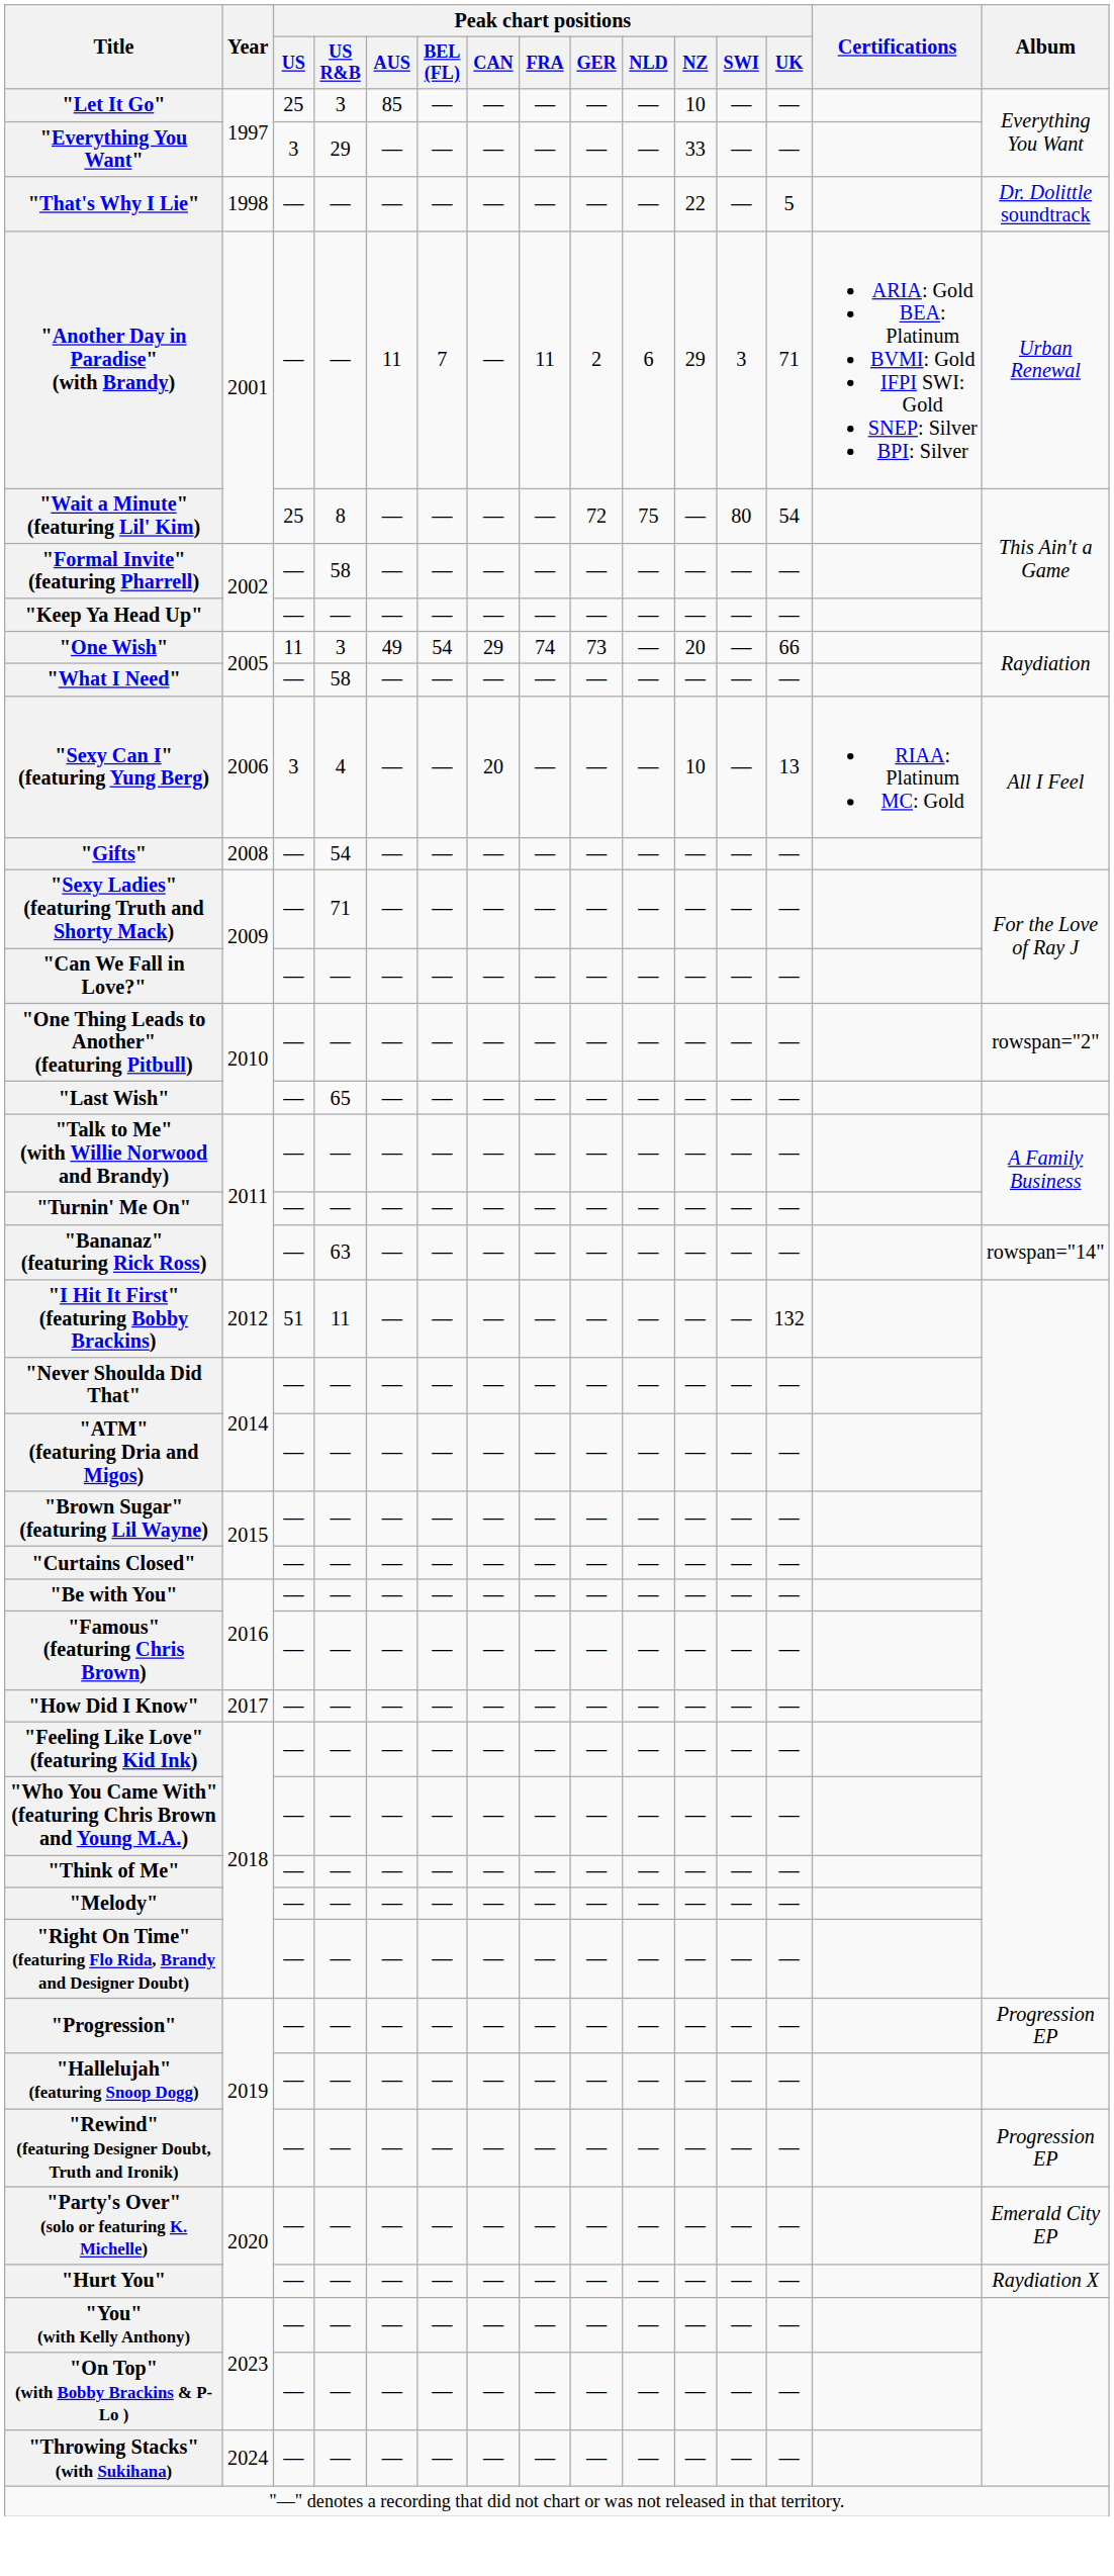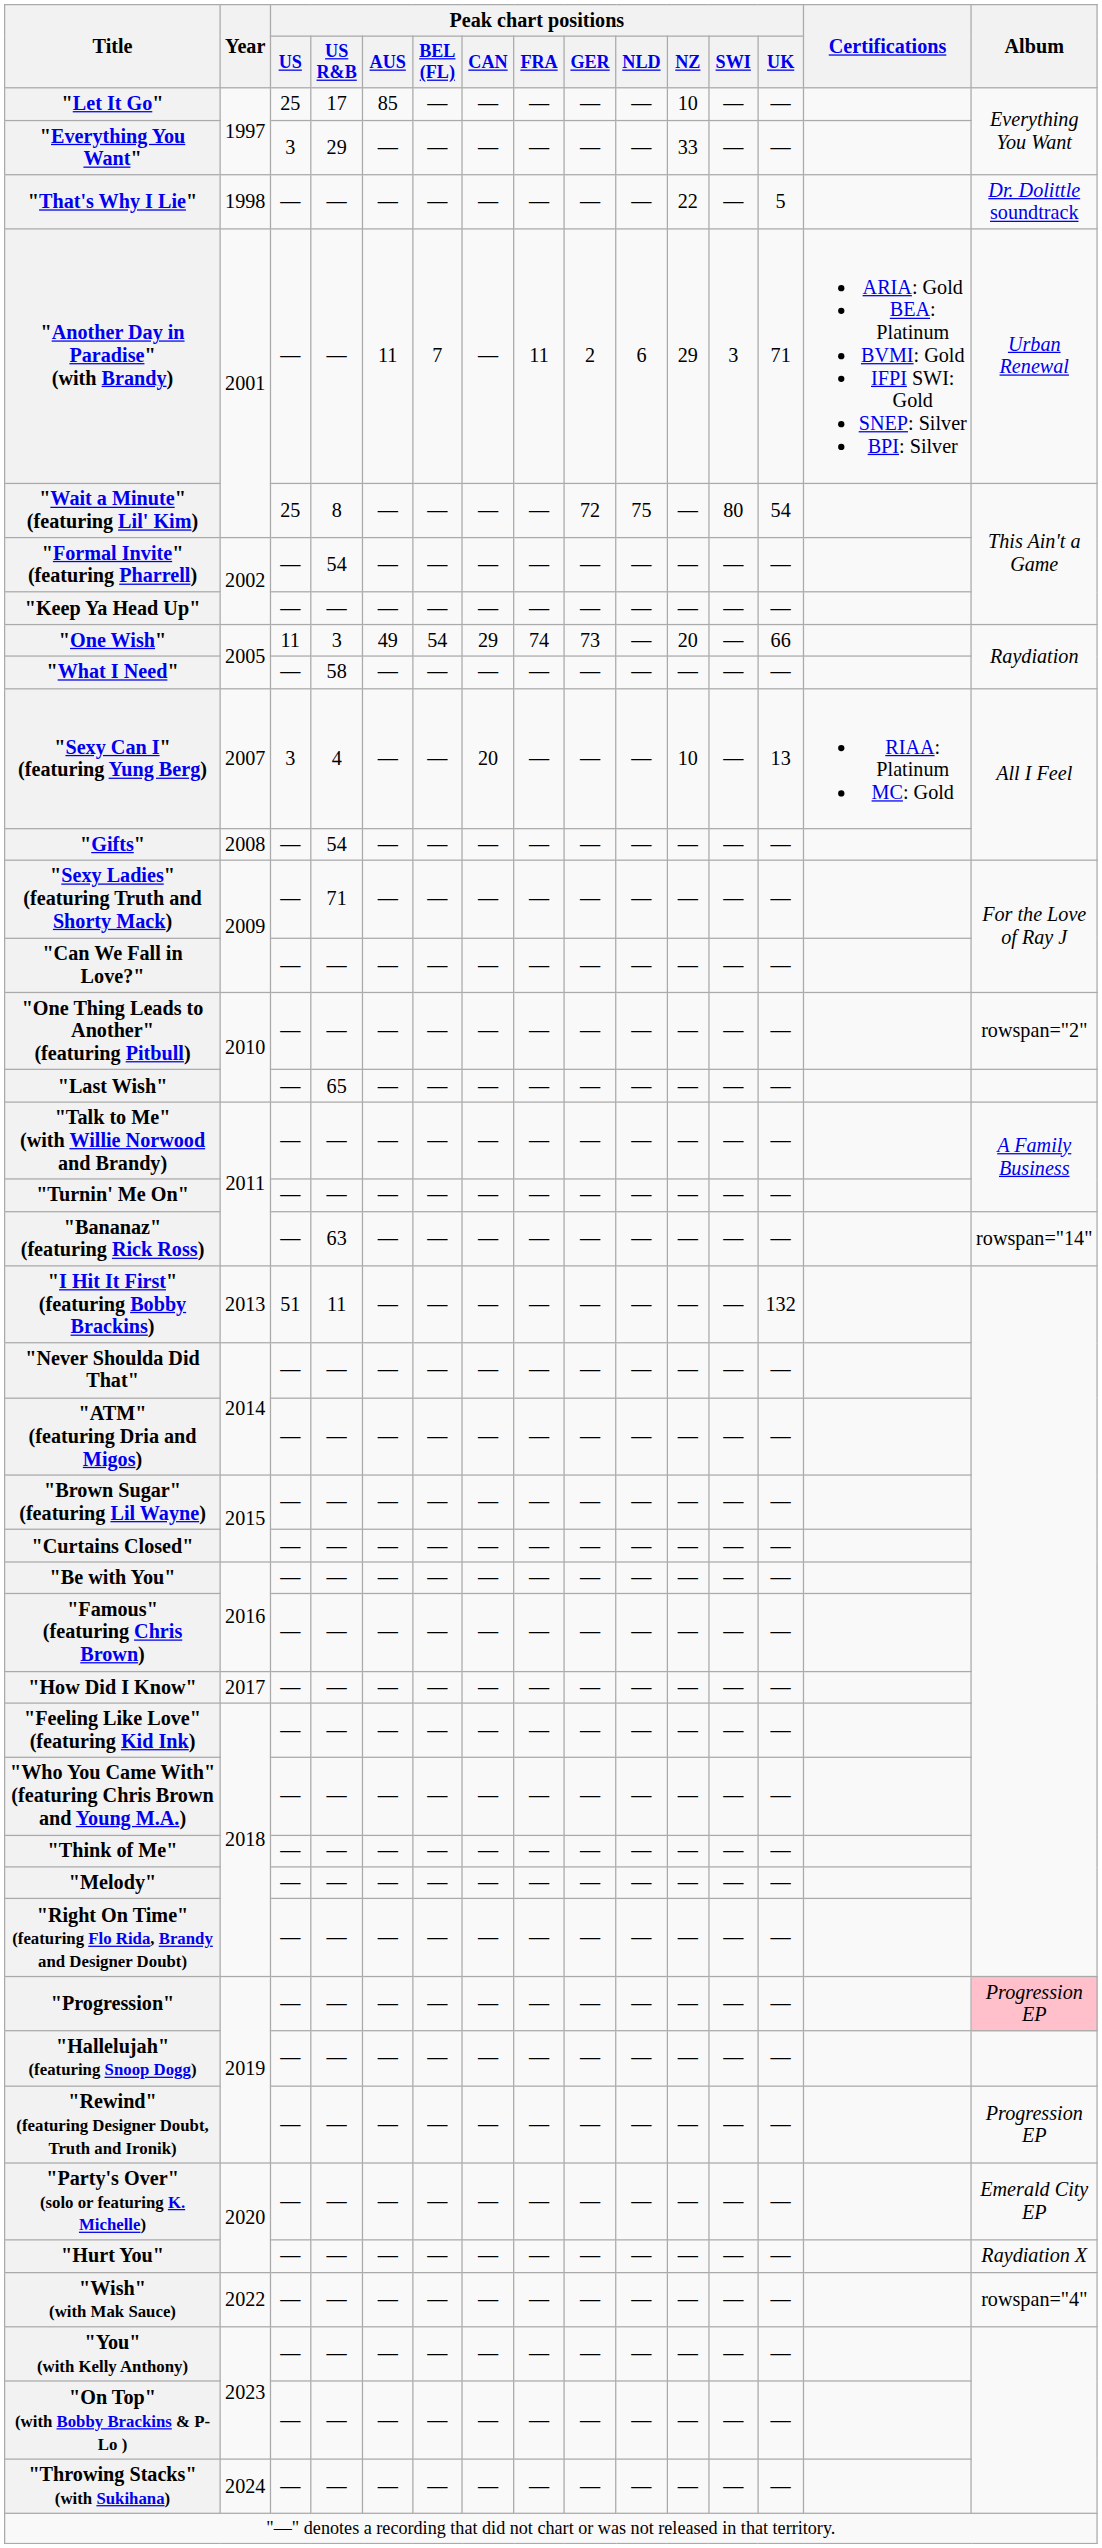 <table class="wikitable plainrowheaders" style="text-align:center;">
 <tr>
 <th scope="col" rowspan="2" style="width:20em;">Title</th>
 <th scope="col" rowspan="2">Year</th>
 <th scope="col" colspan="11">Peak chart positions</th>
 <th scope="col" rowspan="2" style="width:12em;"><a href='#'>Certifications</a></th>
 <th scope="col" rowspan="2">Album</th>
 </tr>
 <tr>
 <th scope="col" style="width:2.9em;font-size:90%;"><a href='#'>US</a><br></th>
 <th scope="col" style="width:2.9em;font-size:90%;"><a href='#'>US<br>R&B</a><br></th>
 <th scope="col" style="width:2.9em;font-size:90%;"><a href='#'>AUS</a><br></th>
 <th scope="col" style="width:2.9em;font-size:90%;"><a href='#'>BEL<br>(FL)</a><br></th>
 <th scope="col" style="width:2.9em;font-size:90%;"><a href='#'>CAN</a><br></th>
 <th scope="col" style="width:2.9em;font-size:90%;"><a href='#'>FRA</a><br></th>
 <th scope="col" style="width:2.9em;font-size:90%;"><a href='#'>GER</a><br></th>
 <th scope="col" style="width:2.9em;font-size:90%;"><a href='#'>NLD</a><br></th>
 <th scope="col" style="width:2.9em;font-size:90%;"><a href='#'>NZ</a><br></th>
 <th scope="col" style="width:2.9em;font-size:90%;"><a href='#'>SWI</a><br></th>
 <th scope="col" style="width:2.9em;font-size:90%;"><a href='#'>UK</a><br></th>
 </tr>
 <tr>
 <th scope="row">"<a href='#'>Let It Go</a>"</th>
 <td rowspan="2">1997</td>
 <td>25</td>
-<td>3</td>
+<td>17</td>
 <td>85</td>
 <td>—</td>
 <td>—</td>
 <td>—</td>
 <td>—</td>
 <td>—</td>
 <td>10</td>
 <td>—</td>
 <td>—</td>
 <td></td>
 <td rowspan="2"><em>Everything You Want</em></td>
 </tr>
 <tr>
 <th scope="row">"<a href='#'>Everything You Want</a>"</th>
 <td>3</td>
 <td>29</td>
 <td>—</td>
 <td>—</td>
 <td>—</td>
 <td>—</td>
 <td>—</td>
 <td>—</td>
 <td>33</td>
 <td>—</td>
 <td>—</td>
 <td></td>
 </tr>
 <tr>
 <th scope="row">"<a href='#'>That's Why I Lie</a>"</th>
 <td>1998</td>
 <td>—</td>
 <td>—</td>
 <td>—</td>
 <td>—</td>
 <td>—</td>
 <td>—</td>
 <td>—</td>
 <td>—</td>
 <td>22</td>
 <td>—</td>
 <td>5</td>
 <td></td>
 <td><a href='#'><em>Dr. Dolittle</em> soundtrack</a></td>
 </tr>
 <tr>
 <th scope="row">"<a href='#'>Another Day in Paradise</a>"<br><span>(with <a href='#'>Brandy</a>)</span></th>
 <td rowspan="2">2001</td>
 <td>—</td>
 <td>—</td>
 <td>11</td>
 <td>7</td>
 <td>—</td>
 <td>11</td>
 <td>2</td>
 <td>6</td>
 <td>29</td>
 <td>3</td>
 <td>71</td>
 <td><br><ul><li><a href='#'>ARIA</a>: Gold</li><li><a href='#'>BEA</a>: Platinum</li><li><a href='#'>BVMI</a>: Gold</li><li><a href='#'>IFPI</a> SWI: Gold</li><li><a href='#'>SNEP</a>: Silver</li><li><a href='#'>BPI</a>: Silver</li></ul></td>
 <td><em><a href='#'>Urban Renewal</a></em></td>
 </tr>
 <tr>
 <th scope="row">"<a href='#'>Wait a Minute</a>"<br><span>(featuring <a href='#'>Lil' Kim</a>)</span></th>
 <td>25</td>
 <td>8</td>
 <td>—</td>
 <td>—</td>
 <td>—</td>
 <td>—</td>
 <td>72</td>
 <td>75</td>
 <td>—</td>
 <td>80</td>
 <td>54</td>
 <td></td>
 <td rowspan="3"><em>This Ain't a Game</em></td>
 </tr>
 <tr>
 <th scope="row">"<a href='#'>Formal Invite</a>"<br><span>(featuring <a href='#'>Pharrell</a>)</span></th>
 <td rowspan="2">2002</td>
 <td>—</td>
-<td>58</td>
+<td>54</td>
 <td>—</td>
 <td>—</td>
 <td>—</td>
 <td>—</td>
 <td>—</td>
 <td>—</td>
 <td>—</td>
 <td>—</td>
 <td>—</td>
 <td></td>
 </tr>
 <tr>
 <th scope="row">"Keep Ya Head Up"</th>
 <td>—</td>
 <td>—</td>
 <td>—</td>
 <td>—</td>
 <td>—</td>
 <td>—</td>
 <td>—</td>
 <td>—</td>
 <td>—</td>
 <td>—</td>
 <td>—</td>
 <td></td>
 </tr>
 <tr>
 <th scope="row">"<a href='#'>One Wish</a>"</th>
 <td rowspan="2">2005</td>
 <td>11</td>
 <td>3</td>
 <td>49</td>
 <td>54</td>
 <td>29</td>
 <td>74</td>
 <td>73</td>
 <td>—</td>
 <td>20</td>
 <td>—</td>
 <td>66</td>
 <td></td>
 <td rowspan="2"><em>Raydiation</em></td>
 </tr>
 <tr>
 <th scope="row">"<a href='#'>What I Need</a>"</th>
 <td>—</td>
 <td>58</td>
 <td>—</td>
 <td>—</td>
 <td>—</td>
 <td>—</td>
 <td>—</td>
 <td>—</td>
 <td>—</td>
 <td>—</td>
 <td>—</td>
 <td></td>
 </tr>
 <tr>
 <th scope="row">"<a href='#'>Sexy Can I</a>"<br><span>(featuring <a href='#'>Yung Berg</a>)</span></th>
-<td>2006</td>
+<td>2007</td>
 <td>3</td>
 <td>4</td>
 <td>—</td>
 <td>—</td>
 <td>20</td>
 <td>—</td>
 <td>—</td>
 <td>—</td>
 <td>10</td>
 <td>—</td>
 <td>13</td>
 <td><br><ul><li><a href='#'>RIAA</a>: Platinum</li><li><a href='#'>MC</a>: Gold</li></ul></td>
 <td rowspan="2"><em>All I Feel</em></td>
 </tr>
 <tr>
 <th scope="row">"<a href='#'>Gifts</a>"</th>
 <td>2008</td>
 <td>—</td>
 <td>54</td>
 <td>—</td>
 <td>—</td>
 <td>—</td>
 <td>—</td>
 <td>—</td>
 <td>—</td>
 <td>—</td>
 <td>—</td>
 <td>—</td>
 <td></td>
 </tr>
 <tr>
 <th scope="row">"<a href='#'>Sexy Ladies</a>"<br><span>(featuring Truth and <a href='#'>Shorty Mack</a>)</span></th>
 <td rowspan="2">2009</td>
 <td>—</td>
 <td>71</td>
 <td>—</td>
 <td>—</td>
 <td>—</td>
 <td>—</td>
 <td>—</td>
 <td>—</td>
 <td>—</td>
 <td>—</td>
 <td>—</td>
 <td></td>
 <td rowspan="2"><em>For the Love of Ray J</em></td>
 </tr>
 <tr>
 <th scope="row">"Can We Fall in Love?"</th>
 <td>—</td>
 <td>—</td>
 <td>—</td>
 <td>—</td>
 <td>—</td>
 <td>—</td>
 <td>—</td>
 <td>—</td>
 <td>—</td>
 <td>—</td>
 <td>—</td>
 <td></td>
 </tr>
 <tr>
 <th scope="row">"One Thing Leads to Another"<br><span>(featuring <a href='#'>Pitbull</a>)</span></th>
 <td rowspan="2">2010</td>
 <td>—</td>
 <td>—</td>
 <td>—</td>
 <td>—</td>
 <td>—</td>
 <td>—</td>
 <td>—</td>
 <td>—</td>
 <td>—</td>
 <td>—</td>
 <td>—</td>
 <td></td>
 <td>rowspan="2" </td>
 </tr>
 <tr>
 <th scope="row">"Last Wish"</th>
 <td>—</td>
 <td>65</td>
 <td>—</td>
 <td>—</td>
 <td>—</td>
 <td>—</td>
 <td>—</td>
 <td>—</td>
 <td>—</td>
 <td>—</td>
 <td>—</td>
 <td></td>
 </tr>
 <tr>
 <th scope="row">"Talk to Me"<br><span>(with <a href='#'>Willie Norwood</a> and Brandy)</span></th>
 <td rowspan="3">2011</td>
 <td>—</td>
 <td>—</td>
 <td>—</td>
 <td>—</td>
 <td>—</td>
 <td>—</td>
 <td>—</td>
 <td>—</td>
 <td>—</td>
 <td>—</td>
 <td>—</td>
 <td></td>
 <td rowspan="2"><em><a href='#'>A Family Business</a></em></td>
 </tr>
 <tr>
 <th scope="row">"Turnin' Me On"</th>
 <td>—</td>
 <td>—</td>
 <td>—</td>
 <td>—</td>
 <td>—</td>
 <td>—</td>
 <td>—</td>
 <td>—</td>
 <td>—</td>
 <td>—</td>
 <td>—</td>
 <td></td>
 </tr>
 <tr>
 <th scope="row">"Bananaz"<br><span>(featuring <a href='#'>Rick Ross</a>)</span></th>
 <td>—</td>
 <td>63</td>
 <td>—</td>
 <td>—</td>
 <td>—</td>
 <td>—</td>
 <td>—</td>
 <td>—</td>
 <td>—</td>
 <td>—</td>
 <td>—</td>
 <td></td>
 <td>rowspan="14" </td>
 </tr>
 <tr>
 <th scope="row">"<a href='#'>I Hit It First</a>"<br><span>(featuring <a href='#'>Bobby Brackins</a>)</span></th>
-<td>2012</td>
+<td>2013</td>
 <td>51</td>
 <td>11</td>
 <td>—</td>
 <td>—</td>
 <td>—</td>
 <td>—</td>
 <td>—</td>
 <td>—</td>
 <td>—</td>
 <td>—</td>
 <td>132</td>
 <td></td>
 </tr>
 <tr>
 <th scope="row">"Never Shoulda Did That"</th>
 <td rowspan="2">2014</td>
 <td>—</td>
 <td>—</td>
 <td>—</td>
 <td>—</td>
 <td>—</td>
 <td>—</td>
 <td>—</td>
 <td>—</td>
 <td>—</td>
 <td>—</td>
 <td>—</td>
 <td></td>
 </tr>
 <tr>
 <th scope="row">"ATM" <br><span>(featuring Dria and <a href='#'>Migos</a>)</span></th>
 <td>—</td>
 <td>—</td>
 <td>—</td>
 <td>—</td>
 <td>—</td>
 <td>—</td>
 <td>—</td>
 <td>—</td>
 <td>—</td>
 <td>—</td>
 <td>—</td>
 <td></td>
 </tr>
 <tr>
 <th scope="row">"Brown Sugar"<br><span>(featuring <a href='#'>Lil Wayne</a>)</span></th>
 <td rowspan="2">2015</td>
 <td>—</td>
 <td>—</td>
 <td>—</td>
 <td>—</td>
 <td>—</td>
 <td>—</td>
 <td>—</td>
 <td>—</td>
 <td>—</td>
 <td>—</td>
 <td>—</td>
 <td></td>
 </tr>
 <tr>
 <th scope="row">"Curtains Closed"</th>
 <td>—</td>
 <td>—</td>
 <td>—</td>
 <td>—</td>
 <td>—</td>
 <td>—</td>
 <td>—</td>
 <td>—</td>
 <td>—</td>
 <td>—</td>
 <td>—</td>
 <td></td>
 </tr>
 <tr>
 <th scope="row">"Be with You"</th>
 <td rowspan="2">2016</td>
 <td>—</td>
 <td>—</td>
 <td>—</td>
 <td>—</td>
 <td>—</td>
 <td>—</td>
 <td>—</td>
 <td>—</td>
 <td>—</td>
 <td>—</td>
 <td>—</td>
 <td></td>
 </tr>
 <tr>
 <th scope="row">"Famous"<br><span>(featuring <a href='#'>Chris Brown</a>)</span></th>
 <td>—</td>
 <td>—</td>
 <td>—</td>
 <td>—</td>
 <td>—</td>
 <td>—</td>
 <td>—</td>
 <td>—</td>
 <td>—</td>
 <td>—</td>
 <td>—</td>
 <td></td>
 </tr>
 <tr>
 <th scope="row">"How Did I Know"</th>
 <td>2017</td>
 <td>—</td>
 <td>—</td>
 <td>—</td>
 <td>—</td>
 <td>—</td>
 <td>—</td>
 <td>—</td>
 <td>—</td>
 <td>—</td>
 <td>—</td>
 <td>—</td>
 <td></td>
 </tr>
 <tr>
 <th scope="row">"Feeling Like Love"<br><span>(featuring <a href='#'>Kid Ink</a>)</span></th>
 <td rowspan="5">2018</td>
 <td>—</td>
 <td>—</td>
 <td>—</td>
 <td>—</td>
 <td>—</td>
 <td>—</td>
 <td>—</td>
 <td>—</td>
 <td>—</td>
 <td>—</td>
 <td>—</td>
 <td></td>
 </tr>
 <tr>
 <th scope="row">"Who You Came With"<br><span>(featuring Chris Brown and <a href='#'>Young M.A.</a>)</span></th>
 <td>—</td>
 <td>—</td>
 <td>—</td>
 <td>—</td>
 <td>—</td>
 <td>—</td>
 <td>—</td>
 <td>—</td>
 <td>—</td>
 <td>—</td>
 <td>—</td>
 <td></td>
 </tr>
 <tr>
 <th scope="row">"Think of Me"</th>
 <td>—</td>
 <td>—</td>
 <td>—</td>
 <td>—</td>
 <td>—</td>
 <td>—</td>
 <td>—</td>
 <td>—</td>
 <td>—</td>
 <td>—</td>
 <td>—</td>
 <td></td>
 </tr>
 <tr>
 <th scope="row">"Melody"</th>
 <td>—</td>
 <td>—</td>
 <td>—</td>
 <td>—</td>
 <td>—</td>
 <td>—</td>
 <td>—</td>
 <td>—</td>
 <td>—</td>
 <td>—</td>
 <td>—</td>
 <td></td>
 </tr>
 <tr>
 <th scope="row">"Right On Time"<br><small>(featuring <a href='#'>Flo Rida</a>, <a href='#'>Brandy</a> and Designer Doubt)</small></th>
 <td>—</td>
 <td>—</td>
 <td>—</td>
 <td>—</td>
 <td>—</td>
 <td>—</td>
 <td>—</td>
 <td>—</td>
 <td>—</td>
 <td>—</td>
 <td>—</td>
 <td></td>
 </tr>
 <tr>
 <th scope="row">"Progression"</th>
 <td rowspan="3">2019</td>
 <td>—</td>
 <td>—</td>
 <td>—</td>
 <td>—</td>
 <td>—</td>
 <td>—</td>
 <td>—</td>
 <td>—</td>
 <td>—</td>
 <td>—</td>
 <td>—</td>
 <td></td>
-<td><em>Progression EP</em></td>
+<td style="background: pink;"><em>Progression EP</em></td>
 </tr>
 <tr>
 <th scope="row">"Hallelujah"<br><small>(featuring <a href='#'>Snoop Dogg</a>)</small></th>
 <td>—</td>
 <td>—</td>
 <td>—</td>
 <td>—</td>
 <td>—</td>
 <td>—</td>
 <td>—</td>
 <td>—</td>
 <td>—</td>
 <td>—</td>
 <td>—</td>
 <td></td>
 <td></td>
 </tr>
 <tr>
 <th scope="row">"Rewind"<br><small>(featuring Designer Doubt, Truth and Ironik)</small></th>
 <td>—</td>
 <td>—</td>
 <td>—</td>
 <td>—</td>
 <td>—</td>
 <td>—</td>
 <td>—</td>
 <td>—</td>
 <td>—</td>
 <td>—</td>
 <td>—</td>
 <td></td>
 <td><em>Progression EP</em></td>
 </tr>
 <tr>
 <th scope="row">"Party's Over"<br><small>(solo or featuring <a href='#'>K. Michelle</a>)</small></th>
 <td rowspan="2">2020</td>
 <td>—</td>
 <td>—</td>
 <td>—</td>
 <td>—</td>
 <td>—</td>
 <td>—</td>
 <td>—</td>
 <td>—</td>
 <td>—</td>
 <td>—</td>
 <td>—</td>
 <td></td>
 <td><em>Emerald City EP</em></td>
 </tr>
 <tr>
 <th scope="row">"Hurt You"</th>
 <td>—</td>
 <td>—</td>
 <td>—</td>
 <td>—</td>
 <td>—</td>
 <td>—</td>
 <td>—</td>
 <td>—</td>
 <td>—</td>
 <td>—</td>
 <td>—</td>
 <td></td>
 <td><em>Raydiation X</em></td>
 </tr>
 <tr>
+<th scope="row">"Wish" <br><small>(with Mak Sauce)<br></small></th>
+<td>2022</td>
+<td>—</td>
+<td>—</td>
+<td>—</td>
+<td>—</td>
+<td>—</td>
+<td>—</td>
+<td>—</td>
+<td>—</td>
+<td>—</td>
+<td>—</td>
+<td>—</td>
+<td></td>
+<td>rowspan="4" </td>
+</tr>
+<tr>
 <th scope="row">"You" <br><small>(with Kelly Anthony)<br></small></th>
 <td rowspan="2">2023</td>
 <td>—</td>
 <td>—</td>
 <td>—</td>
 <td>—</td>
 <td>—</td>
 <td>—</td>
 <td>—</td>
 <td>—</td>
 <td>—</td>
 <td>—</td>
 <td>—</td>
 <td></td>
 </tr>
 <tr>
 <th scope="row">"On Top" <br><small>(with <a href='#'>Bobby Brackins</a> & P-Lo )<br></small></th>
 <td>—</td>
 <td>—</td>
 <td>—</td>
 <td>—</td>
 <td>—</td>
 <td>—</td>
 <td>—</td>
 <td>—</td>
 <td>—</td>
 <td>—</td>
 <td>—</td>
 <td></td>
 </tr>
 <tr>
 <th scope="row">"Throwing Stacks" <br><small>(with <a href='#'>Sukihana</a>)<br></small></th>
 <td>2024</td>
 <td>—</td>
 <td>—</td>
 <td>—</td>
 <td>—</td>
 <td>—</td>
 <td>—</td>
 <td>—</td>
 <td>—</td>
 <td>—</td>
 <td>—</td>
 <td>—</td>
 <td></td>
 </tr>
 <tr>
 <td colspan="15" style="font-size:90%">"—" denotes a recording that did not chart or was not released in that territory.</td>
 </tr>
 </table>
